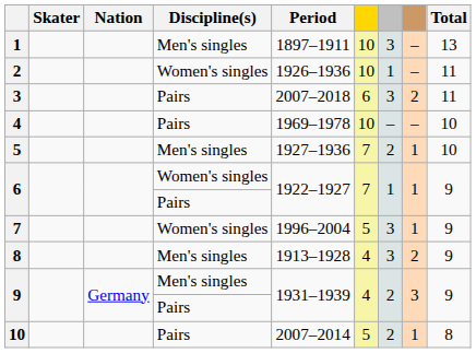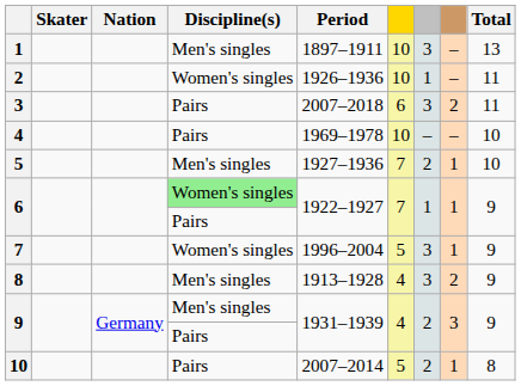 <table class="wikitable sortable" style="text-align:center;">
 <tr>
 <th scope="col"></th>
 <th scope="col">Skater</th>
 <th scope="col">Nation</th>
 <th scope="col" class="unsortable">Discipline(s)</th>
 <th scope="col" class="unsortable">Period</th>
 <th scope="col" style="width:1em; background-color:gold"></th>
 <th scope="col" style="width:1em; background-color:silver"></th>
 <th scope="col" style="width:1em; background-color:#CC9966"></th>
 <th scope="col">Total</th>
 </tr>
 <tr>
 <th scope="row">1</th>
 <td align="left"></td>
 <td align="left"></td>
 <td align="left">Men's singles</td>
 <td>1897–1911</td>
 <td bgcolor="#F7F6A8">10</td>
 <td bgcolor="#DCE5E5">3</td>
 <td bgcolor="#FFDAB9">–</td>
 <td>13</td>
 </tr>
 <tr>
 <th scope="row">2</th>
 <td align="left"></td>
 <td align="left"></td>
 <td align="left">Women's singles</td>
 <td>1926–1936</td>
 <td bgcolor="#F7F6A8">10</td>
 <td bgcolor="#DCE5E5">1</td>
 <td bgcolor="#FFDAB9">–</td>
 <td>11</td>
 </tr>
 <tr>
 <th scope="row">3</th>
 <td align="left"></td>
 <td align="left"></td>
 <td align="left">Pairs</td>
 <td>2007–2018</td>
 <td bgcolor="#F7F6A8">6</td>
 <td bgcolor="#DCE5E5">3</td>
 <td bgcolor="#FFDAB9">2</td>
 <td>11</td>
 </tr>
 <tr>
 <th scope="row">4</th>
 <td align="left"></td>
 <td align="left"></td>
 <td align="left">Pairs</td>
 <td>1969–1978</td>
 <td bgcolor="#F7F6A8">10</td>
 <td bgcolor="#DCE5E5">–</td>
 <td bgcolor="#FFDAB9">–</td>
 <td>10</td>
 </tr>
 <tr>
 <th scope="row">5</th>
 <td align="left"></td>
 <td align="left"></td>
 <td align="left">Men's singles</td>
 <td>1927–1936</td>
 <td bgcolor="#F7F6A8">7</td>
 <td bgcolor="#DCE5E5">2</td>
 <td bgcolor="#FFDAB9">1</td>
 <td>10</td>
 </tr>
 <tr>
 <th scope="row" rowspan=2>6</th>
 <td rowspan=2 align="left"></td>
 <td rowspan=2 align="left"></td>
-<td align="left">Women's singles</td>
+<td align="left" style="background: lightgreen;">Women's singles</td>
 <td rowspan=2>1922–1927</td>
 <td rowspan=2 bgcolor="#F7F6A8">7</td>
 <td rowspan=2 bgcolor="#DCE5E5">1</td>
 <td rowspan=2 bgcolor="#FFDAB9">1</td>
 <td rowspan=2>9</td>
 </tr>
 <tr>
 <td align="left">Pairs</td>
 </tr>
 <tr>
 <th scope="row">7</th>
 <td align="left"></td>
 <td align="left"></td>
 <td align="left">Women's singles</td>
 <td>1996–2004</td>
 <td bgcolor="#F7F6A8">5</td>
 <td bgcolor="#DCE5E5">3</td>
 <td bgcolor="#FFDAB9">1</td>
 <td>9</td>
 </tr>
 <tr>
 <th scope="row">8</th>
 <td align="left"></td>
 <td align="left"></td>
 <td align="left">Men's singles</td>
 <td>1913–1928</td>
 <td bgcolor="#F7F6A8">4</td>
 <td bgcolor="#DCE5E5">3</td>
 <td bgcolor="#FFDAB9">2</td>
 <td>9</td>
 </tr>
 <tr>
 <th scope="row" rowspan=2>9</th>
 <td rowspan=2 align="left"></td>
 <td rowspan=2 align="left"> <a href='#'>Germany</a></td>
 <td align="left">Men's singles</td>
 <td rowspan=2>1931–1939</td>
 <td rowspan=2 bgcolor="#F7F6A8">4</td>
 <td rowspan=2 bgcolor="#DCE5E5">2</td>
 <td rowspan=2 bgcolor="#FFDAB9">3</td>
 <td rowspan=2>9</td>
 </tr>
 <tr>
 <td align="left">Pairs</td>
 </tr>
 <tr>
 <th scope="row">10</th>
 <td align="left"></td>
 <td align="left"></td>
 <td align="left">Pairs</td>
 <td>2007–2014</td>
 <td bgcolor="#F7F6A8">5</td>
 <td bgcolor="#DCE5E5">2</td>
 <td bgcolor="#FFDAB9">1</td>
 <td>8</td>
 </tr>
 </table>
